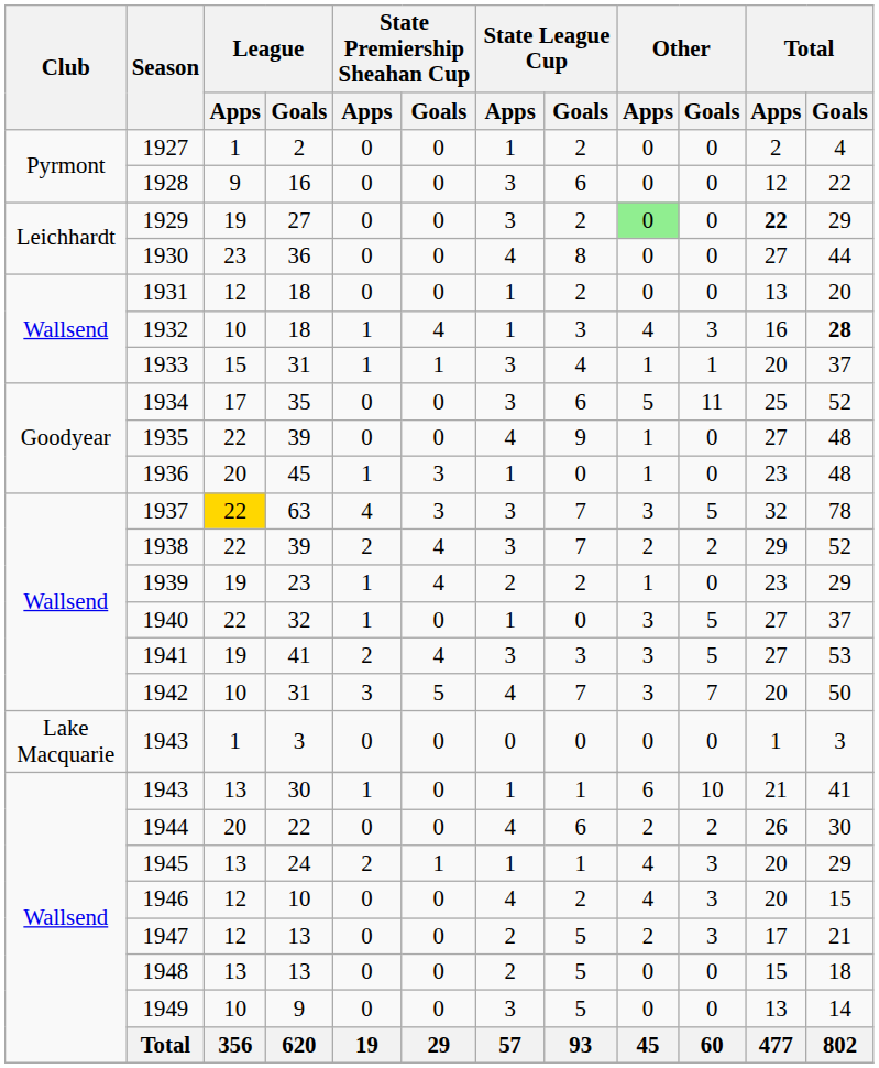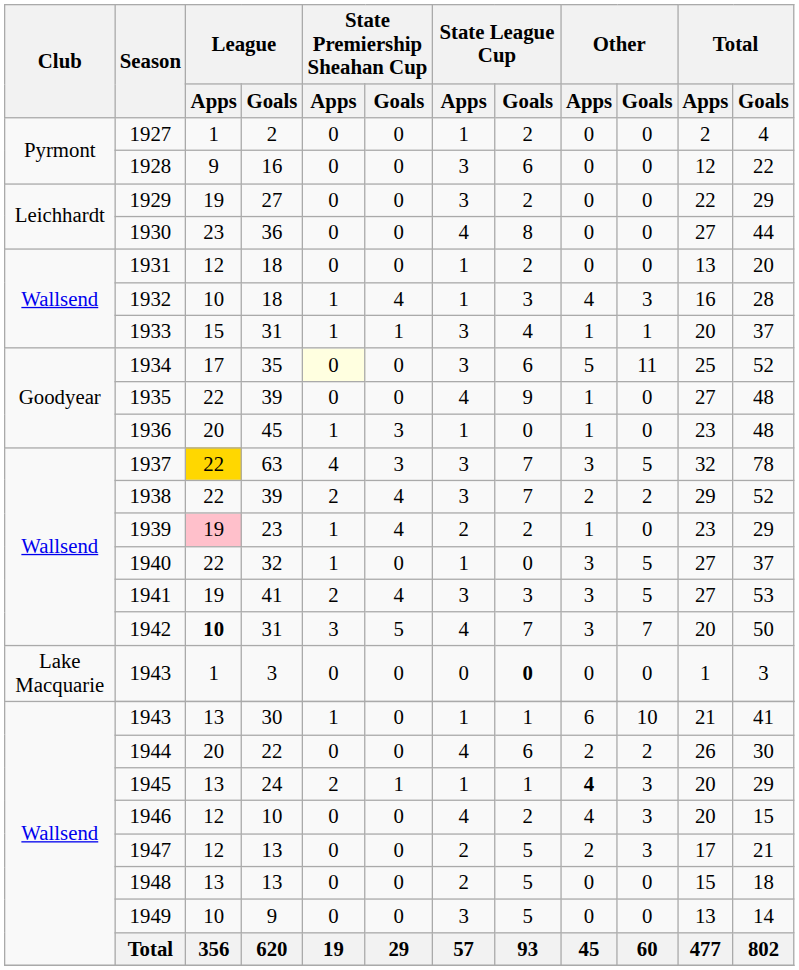 <table class="wikitable" style="font-size:100%; text-align: center;">
 <tr>
 <th rowspan=2>Club</th>
 <th rowspan=2>Season</th>
 <th colspan=2>League</th>
 <th colspan=2>State Premiership<br>Sheahan Cup</th>
 <th colspan=2>State League Cup</th>
 <th colspan=2>Other</th>
 <th colspan=2>Total</th>
 </tr>
 <tr>
 <th>Apps</th>
 <th>Goals</th>
 <th>Apps</th>
 <th>Goals</th>
 <th>Apps</th>
 <th>Goals</th>
 <th>Apps</th>
 <th>Goals</th>
 <th>Apps</th>
 <th>Goals</th>
 </tr>
 <tr>
 <td rowspan=2>Pyrmont</td>
 <td>1927</td>
 <td>1</td>
 <td>2</td>
 <td>0</td>
 <td>0</td>
 <td>1</td>
 <td>2</td>
 <td>0</td>
 <td>0</td>
 <td>2</td>
 <td>4</td>
 </tr>
 <tr>
 <td>1928</td>
 <td>9</td>
 <td>16</td>
 <td>0</td>
 <td>0</td>
 <td>3</td>
 <td>6</td>
 <td>0</td>
 <td>0</td>
 <td>12</td>
 <td>22</td>
 </tr>
 <tr>
 <td rowspan=2>Leichhardt</td>
 <td>1929</td>
 <td>19</td>
 <td>27</td>
 <td>0</td>
 <td>0</td>
 <td>3</td>
 <td>2</td>
-<td style="background: lightgreen;">0</td>
 <td>0</td>
-<td><strong>22</strong></td>
+<td>0</td>
+<td>22</td>
 <td>29</td>
 </tr>
 <tr>
 <td>1930</td>
 <td>23</td>
 <td>36</td>
 <td>0</td>
 <td>0</td>
 <td>4</td>
 <td>8</td>
 <td>0</td>
 <td>0</td>
 <td>27</td>
 <td>44</td>
 </tr>
 <tr>
 <td rowspan=3><a href='#'>Wallsend</a></td>
 <td>1931</td>
 <td>12</td>
 <td>18</td>
 <td>0</td>
 <td>0</td>
 <td>1</td>
 <td>2</td>
 <td>0</td>
 <td>0</td>
 <td>13</td>
 <td>20</td>
 </tr>
 <tr>
 <td>1932</td>
 <td>10</td>
 <td>18</td>
 <td>1</td>
 <td>4</td>
 <td>1</td>
 <td>3</td>
 <td>4</td>
 <td>3</td>
 <td>16</td>
-<td><strong>28</strong></td>
+<td>28</td>
 </tr>
 <tr>
 <td>1933</td>
 <td>15</td>
 <td>31</td>
 <td>1</td>
 <td>1</td>
 <td>3</td>
 <td>4</td>
 <td>1</td>
 <td>1</td>
 <td>20</td>
 <td>37</td>
 </tr>
 <tr>
 <td rowspan=3>Goodyear</td>
 <td>1934</td>
 <td>17</td>
 <td>35</td>
-<td>0</td>
+<td style="background: lightyellow;">0</td>
 <td>0</td>
 <td>3</td>
 <td>6</td>
 <td>5</td>
 <td>11</td>
 <td>25</td>
 <td>52</td>
 </tr>
 <tr>
 <td>1935</td>
 <td>22</td>
 <td>39</td>
 <td>0</td>
 <td>0</td>
 <td>4</td>
 <td>9</td>
 <td>1</td>
 <td>0</td>
 <td>27</td>
 <td>48</td>
 </tr>
 <tr>
 <td>1936</td>
 <td>20</td>
 <td>45</td>
 <td>1</td>
 <td>3</td>
 <td>1</td>
 <td>0</td>
 <td>1</td>
 <td>0</td>
 <td>23</td>
 <td>48</td>
 </tr>
 <tr>
 <td rowspan=6><a href='#'>Wallsend</a></td>
 <td>1937</td>
 <td style="background: gold;">22</td>
 <td>63</td>
 <td>4</td>
 <td>3</td>
 <td>3</td>
 <td>7</td>
 <td>3</td>
 <td>5</td>
 <td>32</td>
 <td>78</td>
 </tr>
 <tr>
 <td>1938</td>
 <td>22</td>
 <td>39</td>
 <td>2</td>
 <td>4</td>
 <td>3</td>
 <td>7</td>
 <td>2</td>
 <td>2</td>
 <td>29</td>
 <td>52</td>
 </tr>
 <tr>
 <td>1939</td>
-<td>19</td>
+<td style="background: pink;">19</td>
 <td>23</td>
 <td>1</td>
 <td>4</td>
 <td>2</td>
 <td>2</td>
 <td>1</td>
 <td>0</td>
 <td>23</td>
 <td>29</td>
 </tr>
 <tr>
 <td>1940</td>
 <td>22</td>
 <td>32</td>
 <td>1</td>
 <td>0</td>
 <td>1</td>
 <td>0</td>
 <td>3</td>
 <td>5</td>
 <td>27</td>
 <td>37</td>
 </tr>
 <tr>
 <td>1941</td>
 <td>19</td>
 <td>41</td>
 <td>2</td>
 <td>4</td>
 <td>3</td>
 <td>3</td>
 <td>3</td>
 <td>5</td>
 <td>27</td>
 <td>53</td>
 </tr>
 <tr>
 <td>1942</td>
-<td>10</td>
+<td><strong>10</strong></td>
 <td>31</td>
 <td>3</td>
 <td>5</td>
 <td>4</td>
 <td>7</td>
 <td>3</td>
 <td>7</td>
 <td>20</td>
 <td>50</td>
 </tr>
 <tr>
 <td rowspan=1>Lake Macquarie</td>
 <td>1943</td>
 <td>1</td>
 <td>3</td>
 <td>0</td>
 <td>0</td>
 <td>0</td>
-<td>0</td>
+<td><strong>0</strong></td>
 <td>0</td>
 <td>0</td>
 <td>1</td>
 <td>3</td>
 </tr>
 <tr>
 <td rowspan=9><a href='#'>Wallsend</a></td>
 </tr>
 <tr>
 <td>1943</td>
 <td>13</td>
 <td>30</td>
 <td>1</td>
 <td>0</td>
 <td>1</td>
 <td>1</td>
 <td>6</td>
 <td>10</td>
 <td>21</td>
 <td>41</td>
 </tr>
 <tr>
 <td>1944</td>
 <td>20</td>
 <td>22</td>
 <td>0</td>
 <td>0</td>
 <td>4</td>
 <td>6</td>
 <td>2</td>
 <td>2</td>
 <td>26</td>
 <td>30</td>
 </tr>
 <tr>
 <td>1945</td>
 <td>13</td>
 <td>24</td>
 <td>2</td>
 <td>1</td>
 <td>1</td>
 <td>1</td>
-<td>4</td>
+<td><strong>4</strong></td>
 <td>3</td>
 <td>20</td>
 <td>29</td>
 </tr>
 <tr>
 <td>1946</td>
 <td>12</td>
 <td>10</td>
 <td>0</td>
 <td>0</td>
 <td>4</td>
 <td>2</td>
 <td>4</td>
 <td>3</td>
 <td>20</td>
 <td>15</td>
 </tr>
 <tr>
 <td>1947</td>
 <td>12</td>
 <td>13</td>
 <td>0</td>
 <td>0</td>
 <td>2</td>
 <td>5</td>
 <td>2</td>
 <td>3</td>
 <td>17</td>
 <td>21</td>
 </tr>
 <tr>
 <td>1948</td>
 <td>13</td>
 <td>13</td>
 <td>0</td>
 <td>0</td>
 <td>2</td>
 <td>5</td>
 <td>0</td>
 <td>0</td>
 <td>15</td>
 <td>18</td>
 </tr>
 <tr>
 <td>1949</td>
 <td>10</td>
 <td>9</td>
 <td>0</td>
 <td>0</td>
 <td>3</td>
 <td>5</td>
 <td>0</td>
 <td>0</td>
 <td>13</td>
 <td>14</td>
 </tr>
 <tr>
 <th>Total</th>
 <th>356</th>
 <th>620</th>
 <th>19</th>
 <th>29</th>
 <th>57</th>
 <th>93</th>
 <th>45</th>
 <th>60</th>
 <th>477</th>
 <th>802</th>
 </tr>
 <tr>
 </tr>
 </table>
